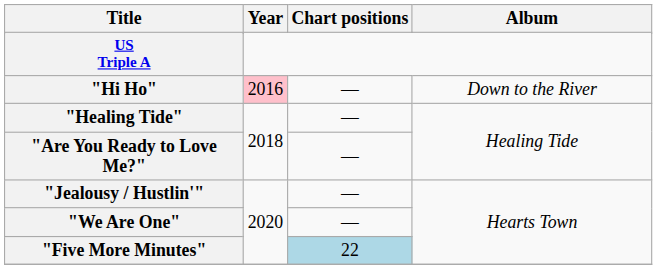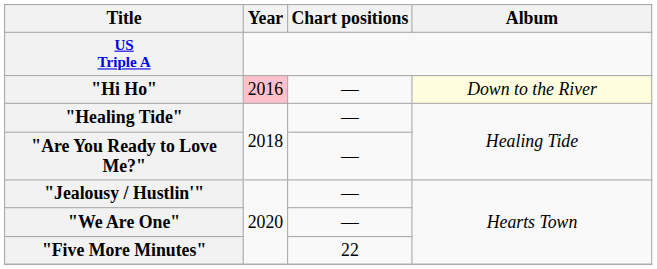 <table class="wikitable plainrowheaders" style="text-align:center;" border="1">
 <tr>
 <th scope="col" rowspan="2" style="width:13em;">Title</th>
 <th scope="col" rowspan="2">Year</th>
 <th scope="col" colspan="1">Chart positions</th>
 <th rowspan="2" style="width:13em;">Album</th>
 </tr>
 <tr>
 </tr>
 <tr>
 <th scope="col" style="width:3em;font-size:85%;"><a href='#'>US<br>Triple A</a><br></th>
 </tr>
 <tr>
 <th scope="row">"Hi Ho" </th>
 <td rowspan="1" style="background: pink;">2016</td>
 <td>—</td>
-<td><em>Down to the River</em></td>
+<td style="background: lightyellow;"><em>Down to the River</em></td>
 </tr>
 <tr>
 <th scope="row">"Healing Tide" </th>
 <td rowspan="2">2018</td>
 <td>—</td>
 <td rowspan="2"><em>Healing Tide</em></td>
 </tr>
 <tr>
 <th scope="row">"Are You Ready to Love Me?" </th>
 <td>—</td>
 </tr>
 <tr>
 <th scope="row">"Jealousy / Hustlin'" </th>
 <td rowspan="3">2020</td>
 <td>—</td>
 <td rowspan="3"><em>Hearts Town</em></td>
 </tr>
 <tr>
 <th scope="row">"We Are One" </th>
 <td>—</td>
 </tr>
 <tr>
 <th scope="row">"Five More Minutes" </th>
-<td style="background: lightblue;">22</td>
+<td>22</td>
 </tr>
 <tr>
 </tr>
 </table>
